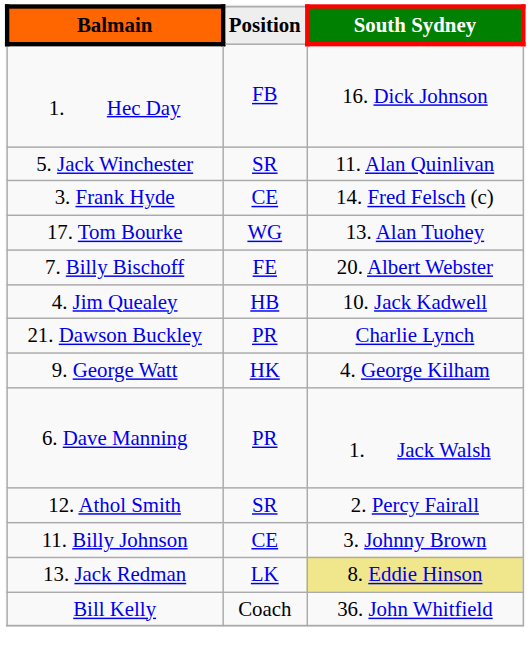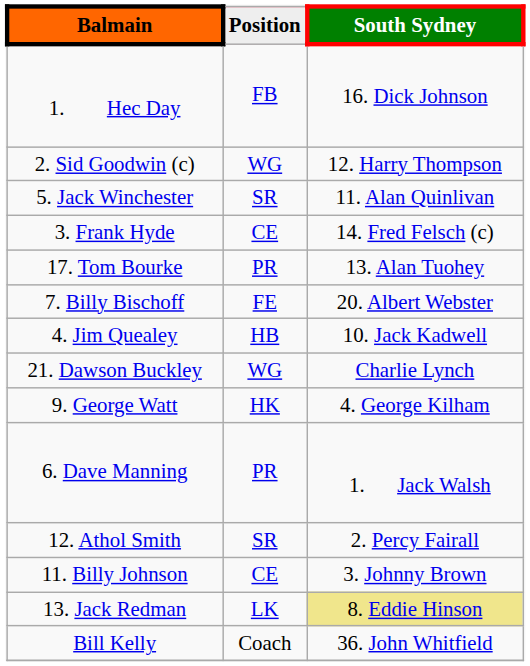 <table align="right" class="wikitable" style="font-size:90%; margin-left:1em">
 <tr bgcolor="#FF0033">
 <th style="width:140px; border:3px solid black; background: #f60; color: black">Balmain</th>
 <th style="width:40px; text-align:center; background:#eee; color:black;">Position</th>
 <th style="width:140px; border:3px solid red; background: green; color: white">South Sydney</th>
 </tr>
 <tr align=center>
 <td><br><ol><li><a href='#'>Hec Day</a></li></ol></td>
 <td><a href='#'>FB</a></td>
 <td>16. <a href='#'>Dick Johnson</a></td>
+</tr>
+<tr align=center>
+<td>2. <a href='#'>Sid Goodwin</a> (c)</td>
+<td><a href='#'>WG</a></td>
+<td>12. <a href='#'>Harry Thompson</a></td>
 </tr>
 <tr align=center>
 <td>5. <a href='#'>Jack Winchester</a></td>
 <td><a href='#'>SR</a></td>
 <td>11. <a href='#'>Alan Quinlivan</a></td>
 </tr>
 <tr align=center>
 <td>3. <a href='#'>Frank Hyde</a></td>
 <td><a href='#'>CE</a></td>
 <td>14. <a href='#'>Fred Felsch</a> (c)</td>
 </tr>
 <tr align=center>
 <td>17. <a href='#'>Tom Bourke</a></td>
-<td><a href='#'>WG</a></td>
+<td><a href='#'>PR</a></td>
 <td>13. <a href='#'>Alan Tuohey</a></td>
 </tr>
 <tr align=center>
 <td>7. <a href='#'>Billy Bischoff</a></td>
 <td><a href='#'>FE</a></td>
 <td>20. <a href='#'>Albert Webster</a></td>
 </tr>
 <tr align=center>
 <td>4. <a href='#'>Jim Quealey</a></td>
 <td><a href='#'>HB</a></td>
 <td>10. <a href='#'>Jack Kadwell</a></td>
 </tr>
 <tr align=center>
 <td>21. <a href='#'>Dawson Buckley</a></td>
-<td><a href='#'>PR</a></td>
+<td><a href='#'>WG</a></td>
 <td><a href='#'>Charlie Lynch</a></td>
 </tr>
 <tr align=center>
 <td>9. <a href='#'>George Watt</a></td>
 <td><a href='#'>HK</a></td>
 <td>4. <a href='#'>George Kilham</a></td>
 </tr>
 <tr align=center>
 <td>6. <a href='#'>Dave Manning</a></td>
 <td><a href='#'>PR</a></td>
 <td><br><ol><li><a href='#'>Jack Walsh</a></li></ol></td>
 </tr>
 <tr align=center>
 <td>12. <a href='#'>Athol Smith</a></td>
 <td><a href='#'>SR</a></td>
 <td>2. <a href='#'>Percy Fairall</a></td>
 </tr>
 <tr align=center>
 <td>11. <a href='#'>Billy Johnson</a></td>
 <td><a href='#'>CE</a></td>
 <td>3. <a href='#'>Johnny Brown</a></td>
 </tr>
 <tr align=center>
 <td>13. <a href='#'>Jack Redman</a></td>
 <td><a href='#'>LK</a></td>
 <td style="background: khaki;">8. <a href='#'>Eddie Hinson</a></td>
 </tr>
 <tr align=center>
 <td><a href='#'>Bill Kelly</a></td>
 <td>Coach</td>
 <td>36. <a href='#'>John Whitfield</a></td>
 </tr>
 <tr>
 </tr>
 </table>
